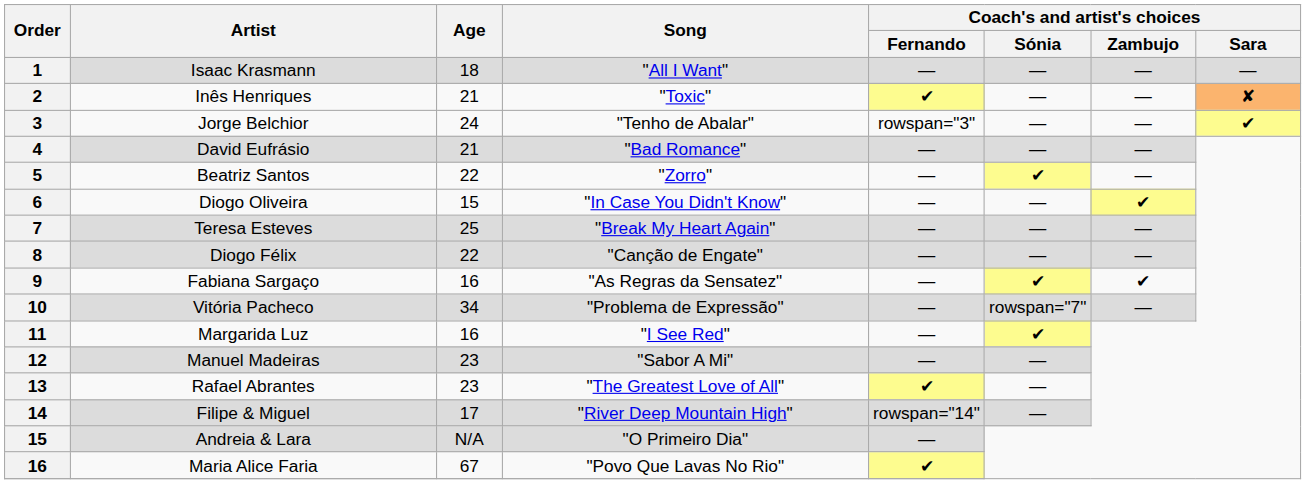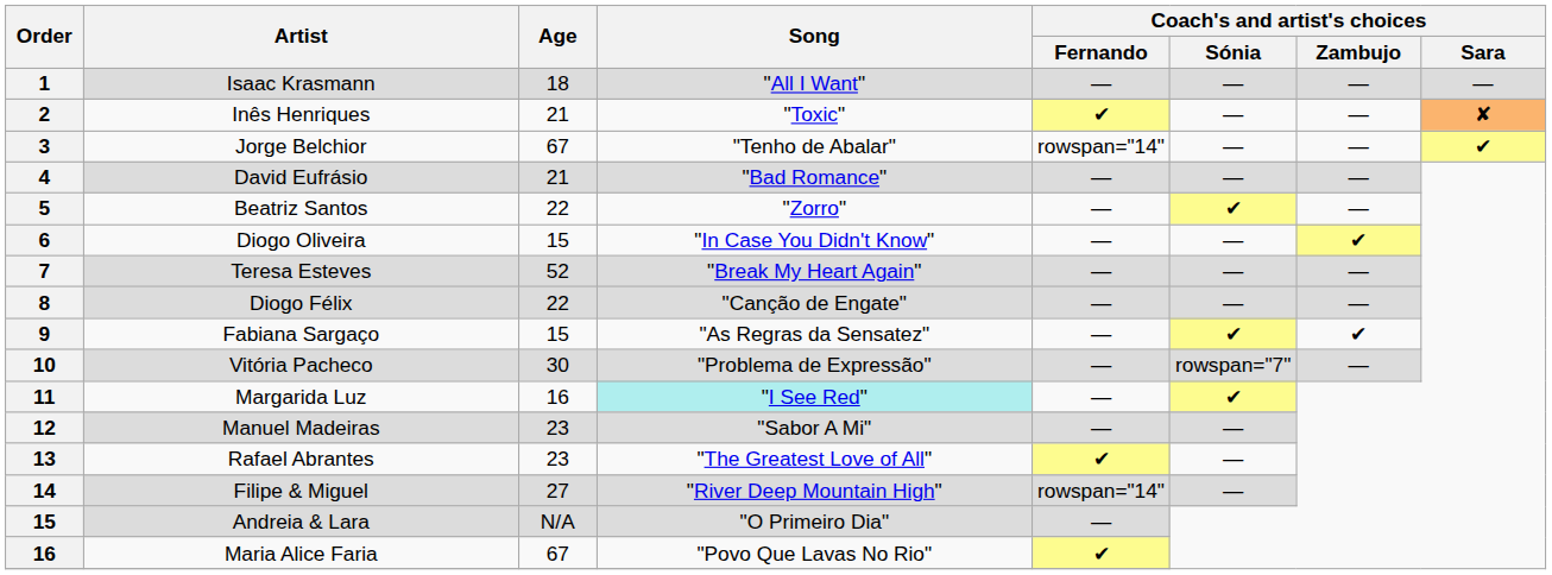 <table class="wikitable" style="text-align:center; line-height:17px; width:95%">
 <tr>
 <th rowspan="2" width="05%">Order</th>
 <th rowspan="2" width="28%">Artist</th>
 <th rowspan="2" width="05%">Age</th>
 <th rowspan="2" width="28%">Song</th>
 <th colspan="4">Coach's and artist's choices</th>
 </tr>
 <tr>
 <th width="08%">Fernando</th>
 <th width="08%">Sónia</th>
 <th width="08%">Zambujo</th>
 <th width="08%">Sara</th>
 </tr>
 <tr style="background:#dcdcdc">
 <th>1</th>
 <td>Isaac Krasmann</td>
 <td>18</td>
 <td>"<a href='#'>All I Want</a>"</td>
 <td>—</td>
 <td>—</td>
 <td>—</td>
 <td>—</td>
 </tr>
 <tr>
 <th>2</th>
 <td>Inês Henriques</td>
 <td>21</td>
 <td>"<a href='#'>Toxic</a>"</td>
 <td style="background:#fdfc8f">✔</td>
 <td>—</td>
 <td>—</td>
 <td style="background:#fbb46e">✘</td>
 </tr>
 <tr>
 <th>3</th>
 <td>Jorge Belchior</td>
-<td>24</td>
+<td>67</td>
 <td>"Tenho de Abalar"</td>
-<td>rowspan="3" </td>
+<td>rowspan="14" </td>
 <td>—</td>
 <td>—</td>
 <td style="background:#fdfc8f">✔</td>
 </tr>
 <tr style="background:#dcdcdc">
 <th>4</th>
 <td>David Eufrásio</td>
 <td>21</td>
 <td>"<a href='#'>Bad Romance</a>"</td>
 <td>—</td>
 <td>—</td>
 <td>—</td>
 </tr>
 <tr>
 <th>5</th>
 <td>Beatriz Santos</td>
 <td>22</td>
 <td>"<a href='#'>Zorro</a>"</td>
 <td>—</td>
 <td style="background:#fdfc8f">✔</td>
 <td>—</td>
 </tr>
 <tr>
 <th>6</th>
 <td>Diogo Oliveira</td>
 <td>15</td>
 <td>"<a href='#'>In Case You Didn't Know</a>"</td>
 <td>—</td>
 <td>—</td>
 <td style="background:#fdfc8f">✔</td>
 </tr>
 <tr style="background:#dcdcdc">
 <th>7</th>
 <td>Teresa Esteves</td>
-<td>25</td>
+<td>52</td>
 <td>"<a href='#'>Break My Heart Again</a>"</td>
 <td>—</td>
 <td>—</td>
 <td>—</td>
 </tr>
 <tr style="background:#dcdcdc">
 <th>8</th>
 <td>Diogo Félix</td>
 <td>22</td>
 <td>"Canção de Engate"</td>
 <td>—</td>
 <td>—</td>
 <td>—</td>
 </tr>
 <tr>
 <th>9</th>
 <td>Fabiana Sargaço</td>
-<td>16</td>
+<td>15</td>
 <td>"As Regras da Sensatez"</td>
 <td>—</td>
 <td style="background:#fdfc8f">✔</td>
 <td>✔</td>
 </tr>
 <tr style="background:#dcdcdc">
 <th>10</th>
 <td>Vitória Pacheco</td>
-<td>34</td>
+<td>30</td>
 <td>"Problema de Expressão"</td>
 <td>—</td>
 <td>rowspan="7" </td>
 <td>—</td>
 </tr>
 <tr>
 <th>11</th>
 <td>Margarida Luz</td>
 <td>16</td>
-<td>"<a href='#'>I See Red</a>"</td>
+<td style="background: paleturquoise;">"<a href='#'>I See Red</a>"</td>
 <td>—</td>
 <td style="background:#fdfc8f">✔</td>
 </tr>
 <tr style="background:#dcdcdc">
 <th>12</th>
 <td>Manuel Madeiras</td>
 <td>23</td>
 <td>"Sabor A Mi"</td>
 <td>—</td>
 <td>—</td>
 </tr>
 <tr>
 <th>13</th>
 <td>Rafael Abrantes</td>
 <td>23</td>
 <td>"<a href='#'>The Greatest Love of All</a>"</td>
 <td style="background:#fdfc8f">✔</td>
 <td>—</td>
 </tr>
 <tr style="background:#dcdcdc">
 <th>14</th>
 <td>Filipe & Miguel</td>
-<td>17</td>
+<td>27</td>
 <td>"<a href='#'>River Deep Mountain High</a>"</td>
 <td>rowspan="14" </td>
 <td>—</td>
 </tr>
 <tr style="background:#dcdcdc">
 <th>15</th>
 <td>Andreia & Lara</td>
 <td>N/A</td>
 <td>"O Primeiro Dia"</td>
 <td>—</td>
 </tr>
 <tr>
 <th>16</th>
 <td>Maria Alice Faria</td>
 <td>67</td>
 <td>"Povo Que Lavas No Rio"</td>
 <td style="background:#fdfc8f">✔</td>
 </tr>
 <tr>
 </tr>
 </table>
